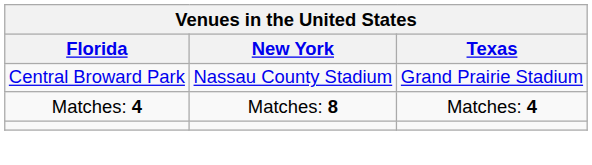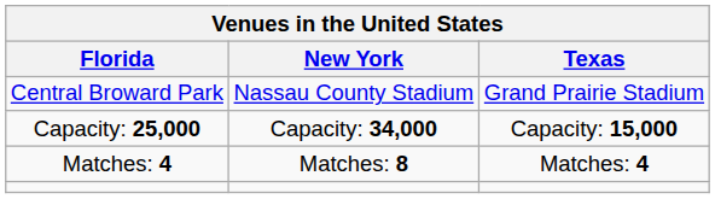 <table class="wikitable" style="text-align:center;margin:auto;font-size:90%;">
 <tr>
 <th colspan="3">Venues in the United States</th>
 </tr>
 <tr>
 <th><a href='#'>Florida</a></th>
 <th><a href='#'>New York</a></th>
 <th><a href='#'>Texas</a></th>
 </tr>
 <tr>
 <td><a href='#'>Central Broward Park</a></td>
 <td><a href='#'>Nassau County Stadium</a></td>
 <td><a href='#'>Grand Prairie Stadium</a></td>
 </tr>
 <tr>
+<td>Capacity: <strong>25,000</strong></td>
+<td>Capacity: <strong>34,000</strong></td>
+<td>Capacity: <strong>15,000</strong></td>
+</tr>
+<tr>
 <td>Matches: <strong>4</strong></td>
 <td>Matches: <strong>8</strong></td>
 <td>Matches: <strong>4</strong></td>
 </tr>
 <tr>
 <td></td>
 <td></td>
 <td></td>
 </tr>
 </table>
